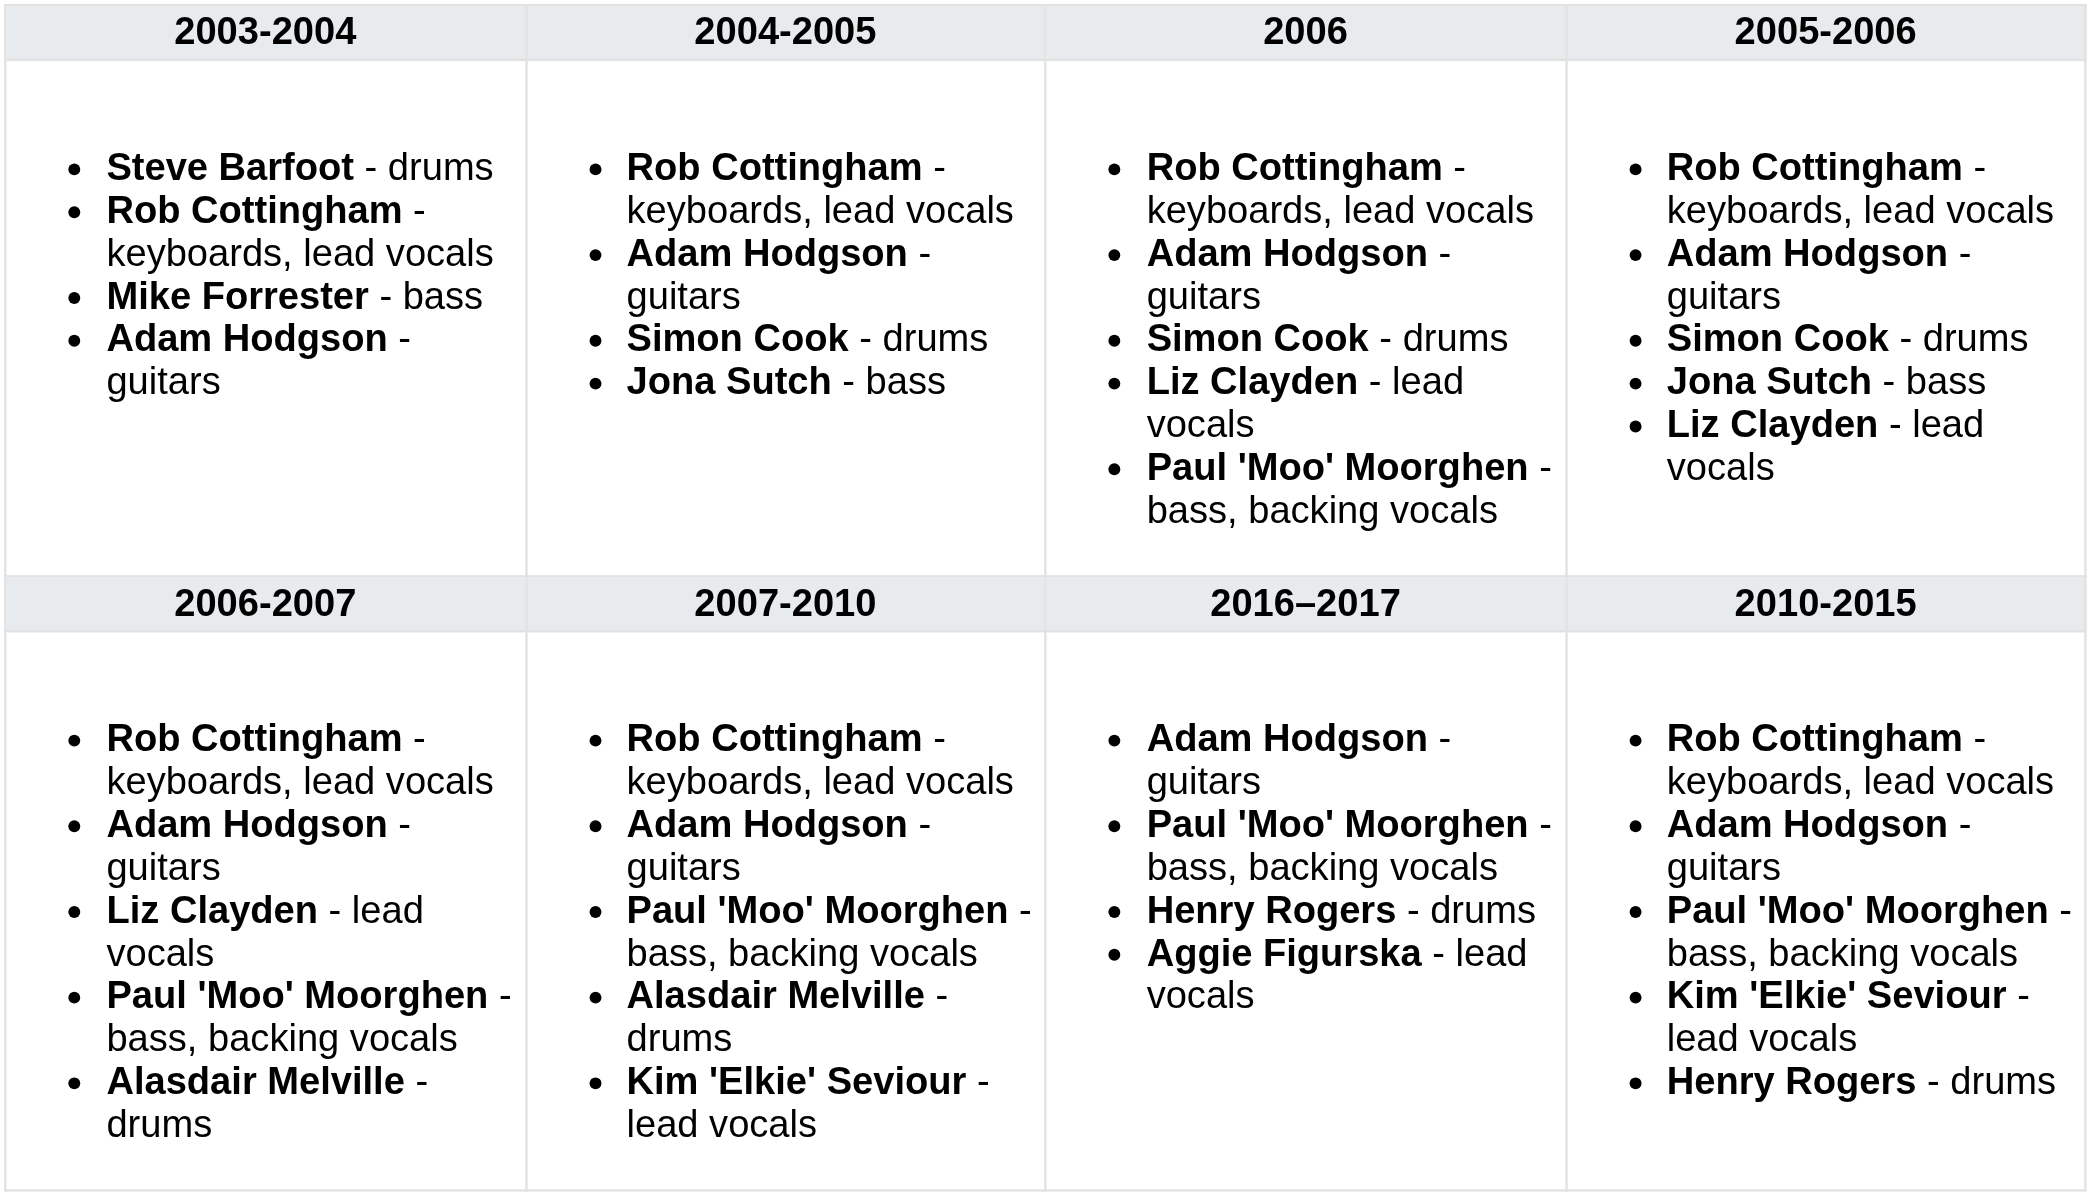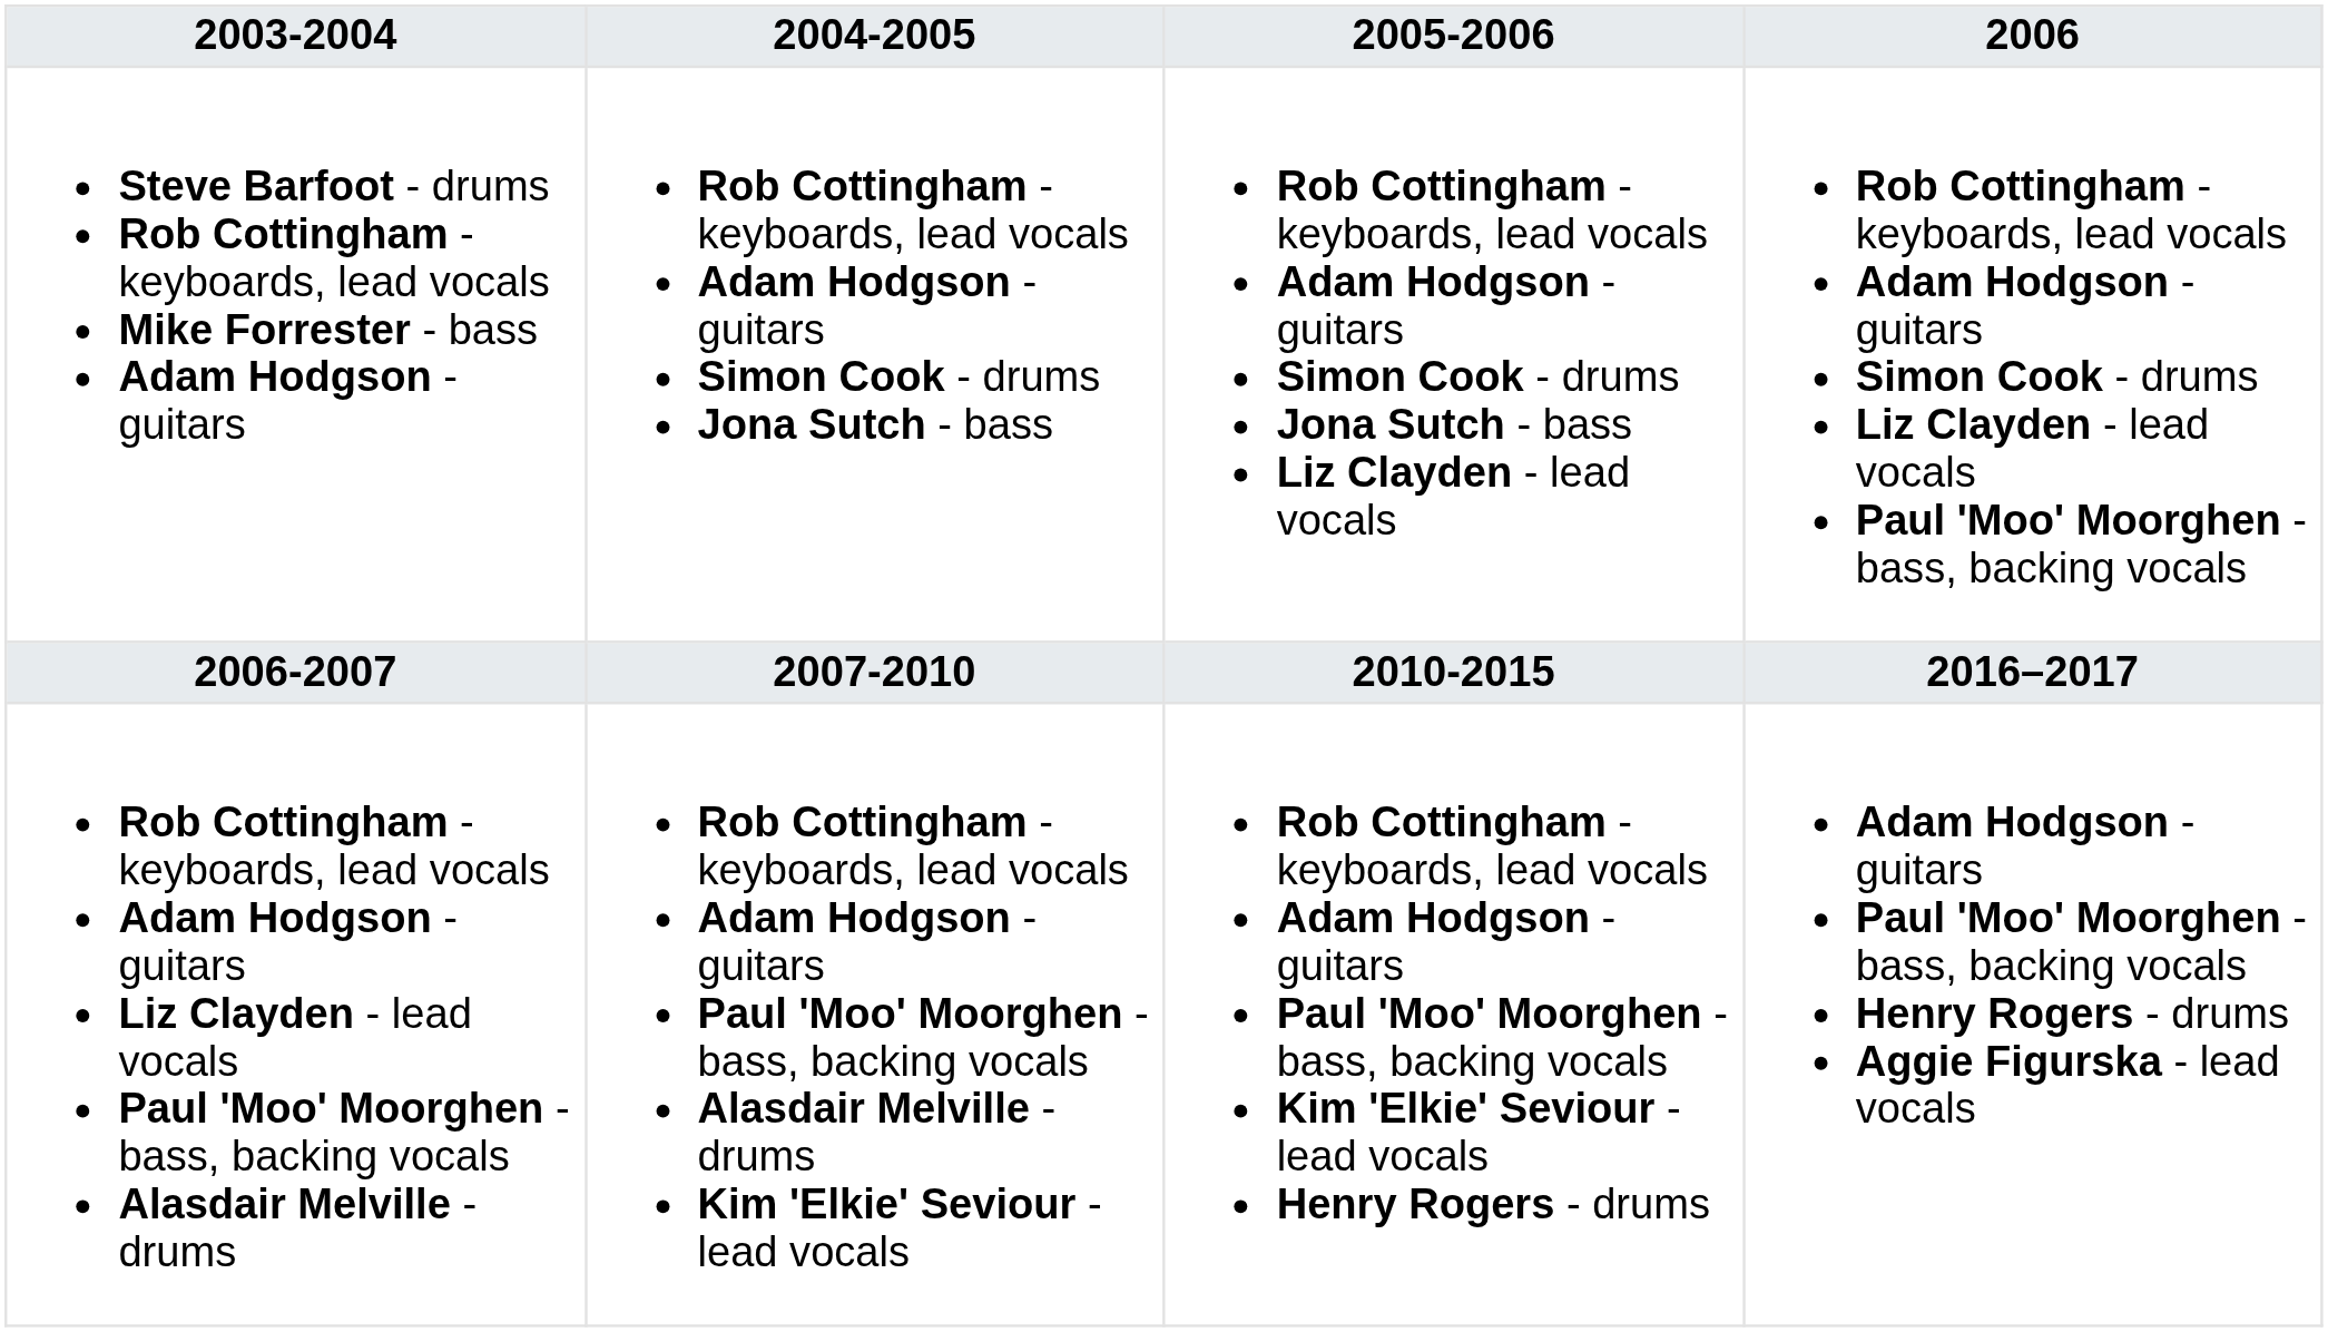 <table class="toccolours" border="1" cellpadding="2" cellspacing="0"  style="float:width:375px; margin:0 0 1em 1em; border-collapse:collapse; border:1px solid #e2e2e2; width:99%;">
 <tr>
 <th style="vertical-align:top; background:#e7ebee; width:25%;">2003-2004</th>
 <th style="vertical-align:top; background:#e7ebee; width:25%;">2004-2005</th>
+<th style="vertical-align:top; background:#e7ebee; width:25%;">2005-2006</th>
 <th style="vertical-align:top; background:#e7ebee; width:25%;">2006</th>
-<th style="vertical-align:top; background:#e7ebee; width:25%;">2005-2006</th>
 </tr>
 <tr>
 <td valign=top><br><ul><li><strong>Steve Barfoot</strong> - drums</li><li><strong>Rob Cottingham</strong> - keyboards, lead vocals</li><li><strong>Mike Forrester</strong> - bass</li><li><strong>Adam Hodgson</strong> - guitars</li></ul></td>
 <td valign=top><br><ul><li><strong>Rob Cottingham</strong> - keyboards, lead vocals</li><li><strong>Adam Hodgson</strong> - guitars</li><li><strong>Simon Cook</strong> - drums</li><li><strong>Jona Sutch</strong> - bass</li></ul></td>
+<td valign=top><br><ul><li><strong>Rob Cottingham</strong> - keyboards, lead vocals</li><li><strong>Adam Hodgson</strong> - guitars</li><li><strong>Simon Cook</strong> - drums</li><li><strong>Jona Sutch</strong> - bass</li><li><strong>Liz Clayden</strong> - lead vocals</li></ul></td>
 <td valign=top><br><ul><li><strong>Rob Cottingham</strong> - keyboards, lead vocals</li><li><strong>Adam Hodgson</strong> - guitars</li><li><strong>Simon Cook</strong> - drums</li><li><strong>Liz Clayden</strong> - lead vocals</li><li><strong>Paul 'Moo' Moorghen</strong> - bass, backing vocals</li></ul></td>
-<td valign=top><br><ul><li><strong>Rob Cottingham</strong> - keyboards, lead vocals</li><li><strong>Adam Hodgson</strong> - guitars</li><li><strong>Simon Cook</strong> - drums</li><li><strong>Jona Sutch</strong> - bass</li><li><strong>Liz Clayden</strong> - lead vocals</li></ul></td>
 </tr>
 <tr>
 <th style="vertical-align:top; background:#e7ebee; width:25%;">2006-2007</th>
 <th style="vertical-align:top; background:#e7ebee; width:25%;">2007-2010</th>
+<th style="vertical-align:top; background:#e7ebee; width:25%;">2010-2015</th>
 <th style="vertical-align:top; background:#e7ebee; width:25%;">2016–2017</th>
-<th style="vertical-align:top; background:#e7ebee; width:25%;">2010-2015</th>
 </tr>
 <tr>
 <td valign=top><br><ul><li><strong>Rob Cottingham</strong> - keyboards, lead vocals</li><li><strong>Adam Hodgson</strong> - guitars</li><li><strong>Liz Clayden</strong> - lead vocals</li><li><strong>Paul 'Moo' Moorghen</strong> - bass, backing vocals</li><li><strong>Alasdair Melville</strong> - drums</li></ul></td>
 <td valign=top><br><ul><li><strong>Rob Cottingham</strong> - keyboards, lead vocals</li><li><strong>Adam Hodgson</strong> - guitars</li><li><strong>Paul 'Moo' Moorghen</strong> - bass, backing vocals</li><li><strong>Alasdair Melville</strong> - drums</li><li><strong>Kim 'Elkie' Seviour</strong> - lead vocals</li></ul></td>
+<td valign=top><br><ul><li><strong>Rob Cottingham</strong> - keyboards, lead vocals</li><li><strong>Adam Hodgson</strong> - guitars</li><li><strong>Paul 'Moo' Moorghen</strong> - bass, backing vocals</li><li><strong>Kim 'Elkie' Seviour</strong> - lead vocals</li><li><strong>Henry Rogers</strong> - drums</li></ul></td>
 <td valign=top><br><ul><li><strong>Adam Hodgson</strong> - guitars</li><li><strong>Paul 'Moo' Moorghen</strong> - bass, backing vocals</li><li><strong>Henry Rogers</strong> - drums</li><li><strong>Aggie Figurska</strong> - lead vocals</li></ul></td>
-<td valign=top><br><ul><li><strong>Rob Cottingham</strong> - keyboards, lead vocals</li><li><strong>Adam Hodgson</strong> - guitars</li><li><strong>Paul 'Moo' Moorghen</strong> - bass, backing vocals</li><li><strong>Kim 'Elkie' Seviour</strong> - lead vocals</li><li><strong>Henry Rogers</strong> - drums</li></ul></td>
 </tr>
 </table>
